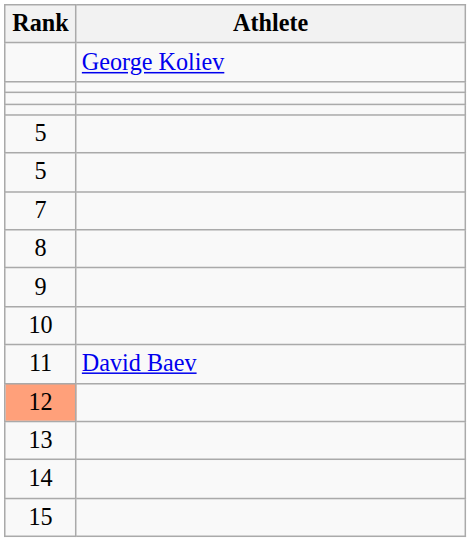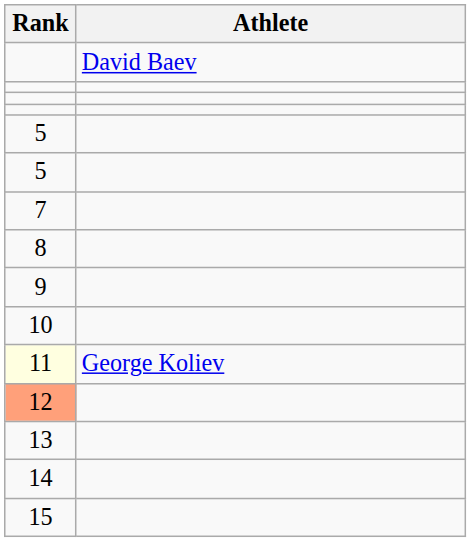 <table class="wikitable" style="text-align: center;">
 <tr>
 <th width=40>Rank</th>
 <th width=250>Athlete</th>
 </tr>
 <tr>
 <td></td>
-<td align="left"> <a href='#'>George Koliev</a> </td>
+<td align="left"> <a href='#'>David Baev</a> </td>
 </tr>
 <tr>
 <td></td>
 <td align="left"></td>
 </tr>
 <tr>
 <td></td>
 <td align="left"></td>
 </tr>
 <tr>
 <td></td>
 <td align="left"></td>
 </tr>
 <tr>
 <td>5</td>
 <td align="left"></td>
 </tr>
 <tr>
 <td>5</td>
 <td align="left"></td>
 </tr>
 <tr>
 <td>7</td>
 <td align="left"></td>
 </tr>
 <tr>
 <td>8</td>
 <td align="left"></td>
 </tr>
 <tr>
 <td>9</td>
 <td align="left"></td>
 </tr>
 <tr>
 <td>10</td>
 <td align="left"></td>
 </tr>
 <tr>
-<td>11</td>
-<td align="left"> <a href='#'>David Baev</a> </td>
+<td style="background: lightyellow;">11</td>
+<td align="left"> <a href='#'>George Koliev</a> </td>
 </tr>
 <tr>
 <td style="background: lightsalmon;">12</td>
 <td align="left"></td>
 </tr>
 <tr>
 <td>13</td>
 <td align="left"></td>
 </tr>
 <tr>
 <td>14</td>
 <td align="left"></td>
 </tr>
 <tr>
 <td>15</td>
 <td align="left"></td>
 </tr>
 </table>
